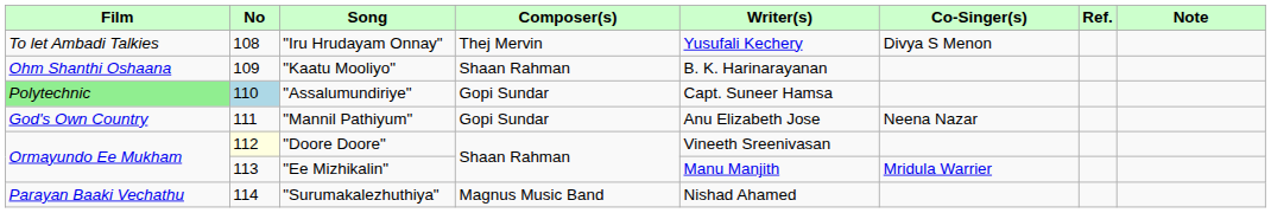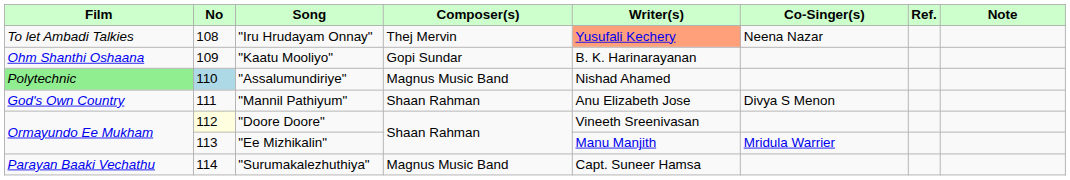 <table class="wikitable plainrowheaders" style="width:100%;" textcolor:#000;" style="align:center;">
 <tr style="background:#cfc; text-align:center;">
 <td scope="col" style="width:18%;"><strong>Film</strong></td>
 <td scope="col" style="width:4%;"><strong>No</strong></td>
 <td scope="col" style="width:14%;"><strong>Song</strong></td>
 <td scope="col" style="width:18%;"><strong>Composer(s)</strong></td>
 <td scope="col" style="width:16%;"><strong>Writer(s)</strong></td>
 <td scope="col" style="width:16%;"><strong>Co-Singer(s)</strong></td>
 <td scope="col" style="width:2%;"><strong>Ref.</strong></td>
 <td scope="col" style="width:12%;"><strong>Note</strong></td>
 </tr>
 <tr>
 <td><em>To let Ambadi Talkies</em></td>
 <td>108</td>
 <td>"Iru Hrudayam Onnay"</td>
 <td>Thej Mervin</td>
-<td><a href='#'>Yusufali Kechery</a></td>
-<td>Divya S Menon</td>
+<td style="background: lightsalmon;"><a href='#'>Yusufali Kechery</a></td>
+<td>Neena Nazar</td>
 <td></td>
 <td></td>
 </tr>
 <tr>
 <td><em><a href='#'>Ohm Shanthi Oshaana</a></em></td>
 <td>109</td>
 <td>"Kaatu Mooliyo"</td>
-<td>Shaan Rahman</td>
+<td>Gopi Sundar</td>
 <td>B. K. Harinarayanan</td>
 <td></td>
 <td></td>
 <td></td>
 </tr>
 <tr>
 <td style="background: lightgreen;"><em>Polytechnic</em></td>
 <td style="background: lightblue;">110</td>
 <td>"Assalumundiriye"</td>
-<td>Gopi Sundar</td>
-<td>Capt. Suneer Hamsa</td>
+<td>Magnus Music Band</td>
+<td>Nishad Ahamed</td>
 <td></td>
 <td></td>
 <td></td>
 </tr>
 <tr>
 <td><a href='#'><em>God's Own Country</em></a></td>
 <td>111</td>
 <td>"Mannil Pathiyum"</td>
-<td>Gopi Sundar</td>
+<td>Shaan Rahman</td>
 <td>Anu Elizabeth Jose</td>
-<td>Neena Nazar</td>
+<td>Divya S Menon</td>
 <td></td>
 <td></td>
 </tr>
 <tr>
 <td rowspan="2"><em><a href='#'>Ormayundo Ee Mukham</a></em></td>
 <td style="background: lightyellow;">112</td>
 <td>"Doore Doore"</td>
 <td rowspan="2">Shaan Rahman</td>
 <td>Vineeth Sreenivasan</td>
 <td></td>
 <td></td>
 <td></td>
 </tr>
 <tr>
 <td>113</td>
 <td>"Ee Mizhikalin"</td>
 <td><a href='#'>Manu Manjith</a></td>
 <td><a href='#'>Mridula Warrier</a></td>
 <td></td>
 <td></td>
 </tr>
 <tr>
 <td><em><a href='#'>Parayan Baaki Vechathu</a></em></td>
 <td>114</td>
 <td>"Surumakalezhuthiya"</td>
 <td>Magnus Music Band</td>
-<td>Nishad Ahamed</td>
+<td>Capt. Suneer Hamsa</td>
 <td></td>
 <td></td>
 <td></td>
 </tr>
 </table>
